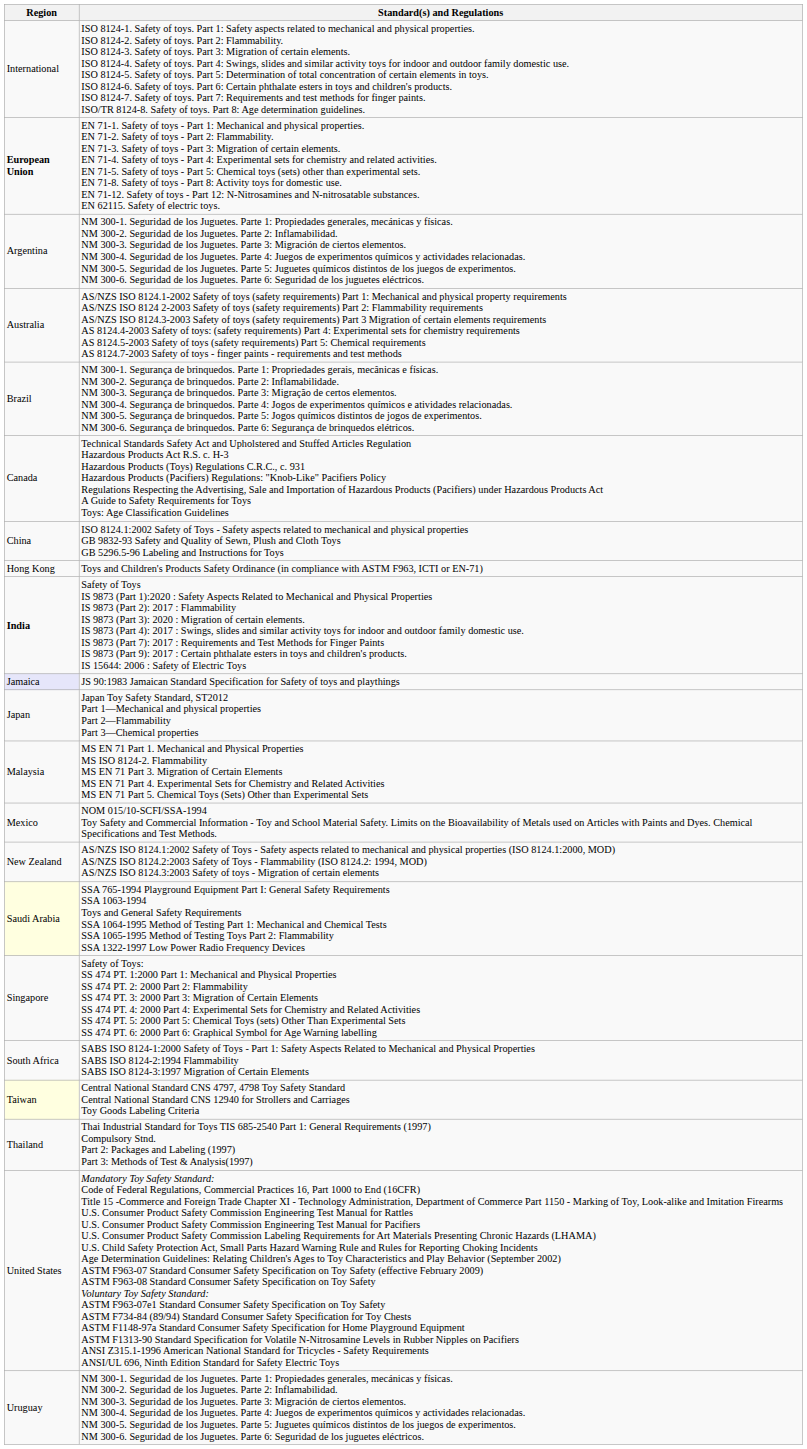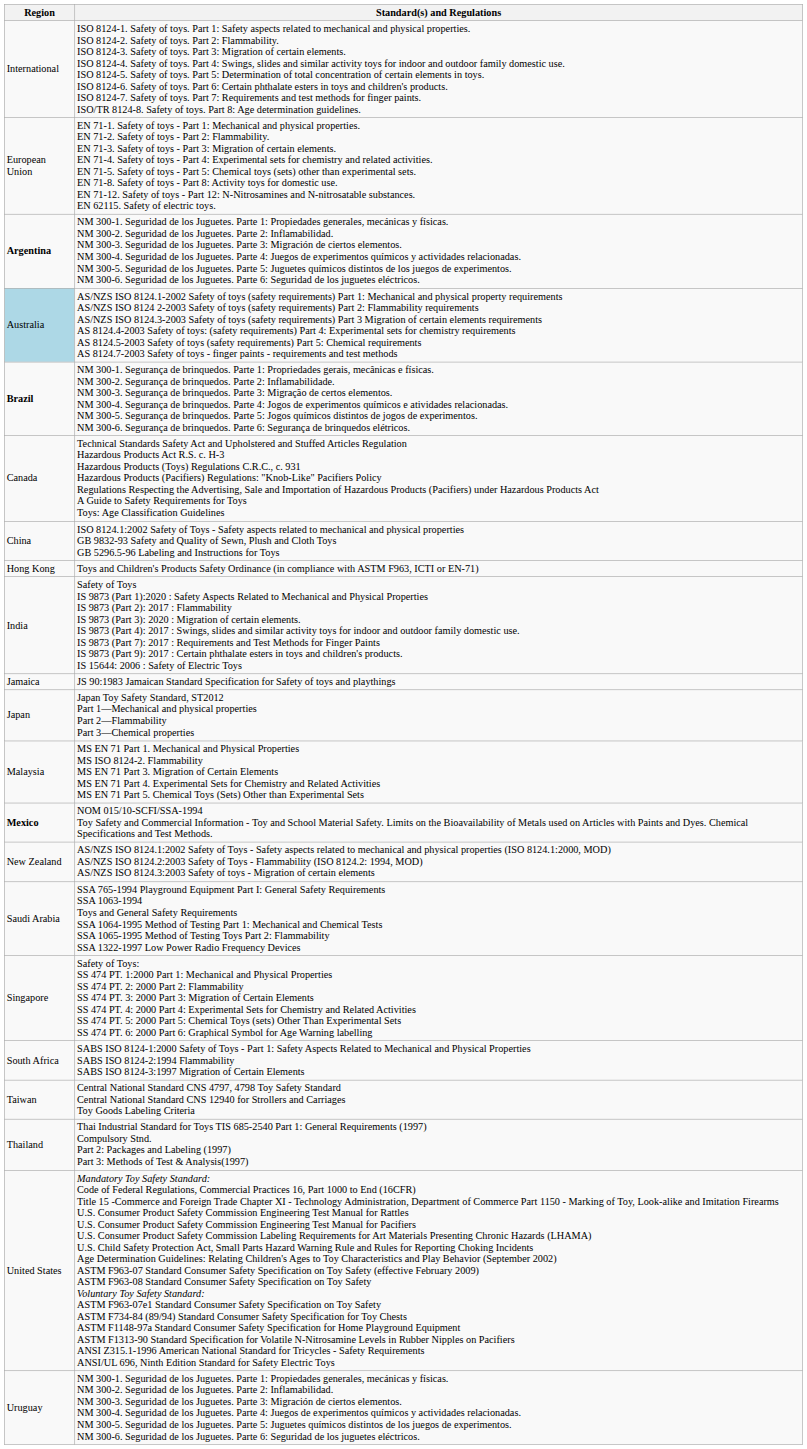 <table class="wikitable">
 <tr>
 <th>Region</th>
 <th>Standard(s) and Regulations</th>
 </tr>
 <tr>
 <td>International</td>
 <td>ISO 8124-1. Safety of toys. Part 1: Safety aspects related to mechanical and physical properties.<br>ISO 8124-2. Safety of toys. Part 2: Flammability.<br>ISO 8124-3. Safety of toys. Part 3: Migration of certain elements.<br>ISO 8124-4. Safety of toys. Part 4: Swings, slides and similar activity toys for indoor and outdoor family domestic use.<br>ISO 8124-5. Safety of toys. Part 5: Determination of total concentration of certain elements in toys.<br>ISO 8124-6. Safety of toys. Part 6: Certain phthalate esters in toys and children's products.<br>ISO 8124-7. Safety of toys. Part 7: Requirements and test methods for finger paints.<br>ISO/TR 8124-8. Safety of toys. Part 8: Age determination guidelines.</td>
 </tr>
 <tr>
-<td><strong>European Union </strong></td>
+<td>European Union </td>
 <td>EN 71-1. Safety of toys - Part 1: Mechanical and physical properties.<br>EN 71-2. Safety of toys - Part 2: Flammability.<br>EN 71-3. Safety of toys - Part 3: Migration of certain elements.<br>EN 71-4. Safety of toys - Part 4: Experimental sets for chemistry and related activities.<br>EN 71-5. Safety of toys - Part 5: Chemical toys (sets) other than experimental sets.<br>EN 71-8. Safety of toys - Part 8: Activity toys for domestic use.<br>EN 71-12. Safety of toys - Part 12: N-Nitrosamines and N-nitrosatable substances.<br>EN 62115. Safety of electric toys.</td>
 </tr>
 <tr>
-<td>Argentina</td>
+<td><strong>Argentina</strong></td>
 <td>NM 300-1. Seguridad de los Juguetes. Parte 1: Propiedades generales, mecánicas y físicas.<br>NM 300-2. Seguridad de los Juguetes. Parte 2: Inflamabilidad.<br>NM 300-3. Seguridad de los Juguetes. Parte 3: Migración de ciertos elementos.<br>NM 300-4. Seguridad de los Juguetes. Parte 4: Juegos de experimentos químicos y actividades relacionadas.<br>NM 300-5. Seguridad de los Juguetes. Parte 5: Juguetes químicos distintos de los juegos de experimentos.<br>NM 300-6. Seguridad de los Juguetes. Parte 6: Seguridad de los juguetes eléctricos.</td>
 </tr>
 <tr>
-<td>Australia</td>
+<td style="background: lightblue;">Australia</td>
 <td>AS/NZS ISO 8124.1-2002 Safety of toys (safety requirements) Part 1: Mechanical and physical property requirements<br>AS/NZS ISO 8124 2-2003 Safety of toys (safety requirements) Part 2: Flammability requirements<br>AS/NZS ISO 8124.3-2003 Safety of toys (safety requirements) Part 3 Migration of certain elements requirements<br>AS 8124.4-2003 Safety of toys: (safety requirements) Part 4: Experimental sets for chemistry requirements<br>AS 8124.5-2003 Safety of toys (safety requirements) Part 5: Chemical requirements<br>AS 8124.7-2003 Safety of toys - finger paints - requirements and test methods</td>
 </tr>
 <tr>
-<td>Brazil</td>
+<td><strong>Brazil</strong></td>
 <td>NM 300-1. Segurança de brinquedos. Parte 1: Propriedades gerais, mecânicas e físicas.<br>NM 300-2. Segurança de brinquedos. Parte 2: Inflamabilidade.<br>NM 300-3. Segurança de brinquedos. Parte 3: Migração de certos elementos.<br>NM 300-4. Segurança de brinquedos. Parte 4: Jogos de experimentos químicos e atividades relacionadas.<br>NM 300-5. Segurança de brinquedos. Parte 5: Jogos químicos distintos de jogos de experimentos.<br>NM 300-6. Segurança de brinquedos. Parte 6: Segurança de brinquedos elétricos.</td>
 </tr>
 <tr>
 <td>Canada</td>
 <td>Technical Standards Safety Act and Upholstered and Stuffed Articles Regulation <br>Hazardous Products Act R.S. c. H-3<br>Hazardous Products (Toys) Regulations C.R.C., c. 931<br>Hazardous Products (Pacifiers) Regulations: "Knob-Like" Pacifiers Policy<br>Regulations Respecting the Advertising, Sale and Importation of Hazardous Products (Pacifiers) under Hazardous Products Act<br>A Guide to Safety Requirements for Toys<br>Toys: Age Classification Guidelines</td>
 </tr>
 <tr>
 <td>China</td>
 <td>ISO 8124.1:2002 Safety of Toys - Safety aspects related to mechanical and physical properties<br>GB 9832-93 Safety and Quality of Sewn, Plush and Cloth Toys<br>GB 5296.5-96 Labeling and Instructions for Toys</td>
 </tr>
 <tr>
 <td>Hong Kong</td>
 <td>Toys and Children's Products Safety Ordinance (in compliance with ASTM F963, ICTI or EN-71)</td>
 </tr>
 <tr>
-<td><strong>India</strong></td>
+<td>India</td>
 <td>Safety of Toys<br>IS 9873 (Part 1):2020 : Safety Aspects Related to Mechanical and Physical Properties<br>IS 9873 (Part 2): 2017 : Flammability<br>IS 9873 (Part 3): 2020 : Migration of certain elements.<br>IS 9873 (Part 4): 2017 : Swings, slides and similar activity toys for indoor and outdoor family domestic use.<br>IS 9873 (Part 7): 2017 : Requirements and Test Methods for Finger Paints<br>IS 9873 (Part 9): 2017 : Certain phthalate esters in toys and children's products.<br>IS 15644: 2006 : Safety of Electric Toys</td>
 </tr>
 <tr>
-<td style="background: lavender;">Jamaica</td>
+<td>Jamaica</td>
 <td>JS 90:1983 Jamaican Standard Specification for Safety of toys and playthings</td>
 </tr>
 <tr>
 <td>Japan</td>
 <td>Japan Toy Safety Standard, ST2012<br>Part 1—Mechanical and physical properties<br>Part 2—Flammability<br>Part 3—Chemical properties</td>
 </tr>
 <tr>
 <td>Malaysia</td>
 <td>MS EN 71 Part 1. Mechanical and Physical Properties<br>MS ISO 8124-2. Flammability<br>MS EN 71 Part 3. Migration of Certain Elements<br>MS EN 71 Part 4. Experimental Sets for Chemistry and Related Activities<br>MS EN 71 Part 5. Chemical Toys (Sets) Other than Experimental Sets</td>
 </tr>
 <tr>
-<td>Mexico</td>
+<td><strong>Mexico</strong></td>
 <td>NOM 015/10-SCFI/SSA-1994 <br>Toy Safety and Commercial Information - Toy and School Material Safety. Limits on the Bioavailability of Metals used on Articles with Paints and Dyes. Chemical Specifications and Test Methods.</td>
 </tr>
 <tr>
 <td>New Zealand</td>
 <td>AS/NZS ISO 8124.1:2002 Safety of Toys - Safety aspects related to mechanical and physical properties (ISO 8124.1:2000, MOD)<br>AS/NZS ISO 8124.2:2003 Safety of Toys - Flammability (ISO 8124.2: 1994, MOD)<br>AS/NZS ISO 8124.3:2003 Safety of toys - Migration of certain elements</td>
 </tr>
 <tr>
-<td style="background: lightyellow;">Saudi Arabia</td>
+<td>Saudi Arabia</td>
 <td>SSA 765-1994 Playground Equipment Part I: General Safety Requirements<br>SSA 1063-1994<br>Toys and General Safety Requirements <br>SSA 1064-1995 Method of Testing Part 1: Mechanical and Chemical Tests<br>SSA 1065-1995 Method of Testing Toys Part 2: Flammability<br>SSA 1322-1997 Low Power Radio Frequency Devices</td>
 </tr>
 <tr>
 <td>Singapore</td>
 <td>Safety of Toys: <br>SS 474 PT. 1:2000 Part 1: Mechanical and Physical Properties<br>SS 474 PT. 2: 2000 Part 2: Flammability<br>SS 474 PT. 3: 2000 Part 3: Migration of Certain Elements<br>SS 474 PT. 4: 2000 Part 4: Experimental Sets for Chemistry and Related Activities<br>SS 474 PT. 5: 2000 Part 5: Chemical Toys (sets) Other Than Experimental Sets<br>SS 474 PT. 6: 2000 Part 6: Graphical Symbol for Age Warning labelling</td>
 </tr>
 <tr>
 <td>South Africa</td>
 <td>SABS ISO 8124-1:2000 Safety of Toys - Part 1: Safety Aspects Related to Mechanical and Physical Properties<br>SABS ISO 8124-2:1994 Flammability<br>SABS ISO 8124-3:1997 Migration of Certain Elements</td>
 </tr>
 <tr>
-<td style="background: lightyellow;">Taiwan</td>
+<td>Taiwan</td>
 <td>Central National Standard CNS 4797, 4798 Toy Safety Standard<br>Central National Standard CNS 12940 for Strollers and Carriages<br>Toy Goods Labeling Criteria</td>
 </tr>
 <tr>
 <td>Thailand</td>
 <td>Thai Industrial Standard for Toys TIS 685-2540 Part 1: General Requirements (1997)<br>Compulsory Stnd.<br>Part 2: Packages and Labeling (1997)<br>Part 3: Methods of Test & Analysis(1997)</td>
 </tr>
 <tr>
 <td>United States</td>
 <td><em>Mandatory Toy Safety Standard:</em> <br>Code of Federal Regulations, Commercial Practices 16, Part 1000 to End (16CFR)<br>Title 15 -Commerce and Foreign Trade Chapter XI - Technology Administration, Department of Commerce Part 1150 - Marking of Toy, Look-alike and Imitation Firearms<br>U.S. Consumer Product Safety Commission Engineering Test Manual for Rattles <br>U.S. Consumer Product Safety Commission Engineering Test Manual for Pacifiers <br>U.S. Consumer Product Safety Commission Labeling Requirements for Art Materials Presenting Chronic Hazards (LHAMA)<br>U.S. Child Safety Protection Act, Small Parts Hazard Warning Rule and Rules for Reporting Choking Incidents<br>Age Determination Guidelines: Relating Children's Ages to Toy Characteristics and Play Behavior (September 2002) <br> ASTM F963-07 Standard Consumer Safety Specification on Toy Safety (effective February 2009) <br> ASTM F963-08 Standard Consumer Safety Specification on Toy Safety  <br><em>Voluntary Toy Safety Standard: </em><br>ASTM F963-07e1 Standard Consumer Safety Specification on Toy Safety <br>ASTM F734-84 (89/94) Standard Consumer Safety Specification for Toy Chests <br>ASTM F1148-97a Standard Consumer Safety Specification for Home Playground Equipment<br>ASTM F1313-90 Standard Specification for Volatile N-Nitrosamine Levels in Rubber Nipples on Pacifiers <br>ANSI Z315.1-1996 American National Standard for Tricycles - Safety Requirements<br>ANSI/UL 696, Ninth Edition Standard for Safety Electric Toys</td>
 </tr>
 <tr>
 <td>Uruguay</td>
 <td>NM 300-1. Seguridad de los Juguetes. Parte 1: Propiedades generales, mecánicas y físicas.<br>NM 300-2. Seguridad de los Juguetes. Parte 2: Inflamabilidad.<br>NM 300-3. Seguridad de los Juguetes. Parte 3: Migración de ciertos elementos.<br>NM 300-4. Seguridad de los Juguetes. Parte 4: Juegos de experimentos químicos y actividades relacionadas.<br>NM 300-5. Seguridad de los Juguetes. Parte 5: Juguetes químicos distintos de los juegos de experimentos.<br>NM 300-6. Seguridad de los Juguetes. Parte 6: Seguridad de los juguetes eléctricos.</td>
 </tr>
 </table>
